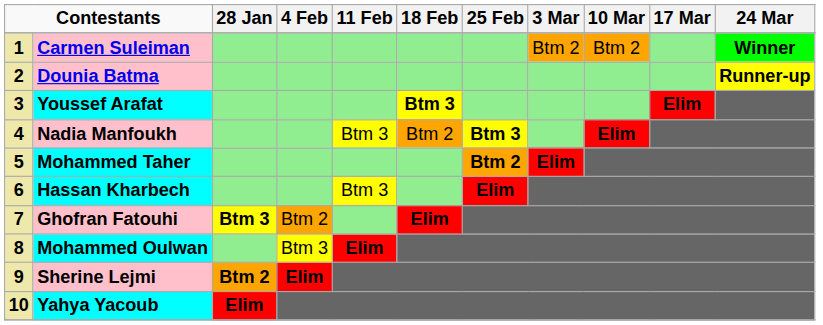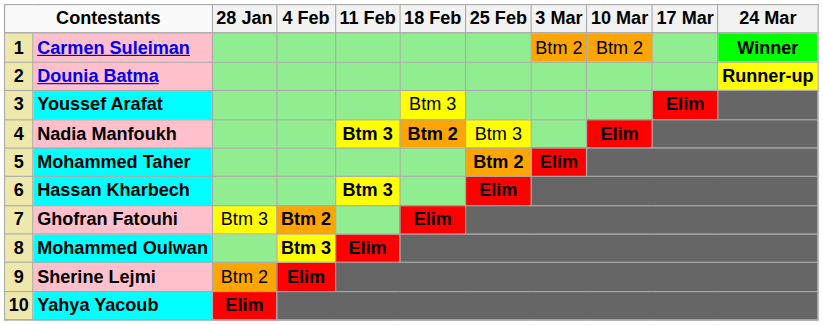 <table class="wikitable" align="center">
 <tr>
 <td colspan="2" align="center"><strong>Contestants</strong></td>
 <th>28 Jan</th>
 <th>4 Feb</th>
 <th>11 Feb</th>
 <th>18 Feb</th>
 <th>25 Feb</th>
 <th>3 Mar</th>
 <th>10 Mar</th>
 <th>17 Mar</th>
 <th>24 Mar</th>
 </tr>
 <tr>
 </tr>
 <tr>
 <td align="center" bgcolor="palegoldenrod"><strong>1</strong></td>
 <td bgcolor="pink"><strong><a href='#'>Carmen Suleiman</a></strong></td>
 <td style="background: lightgreen"></td>
 <td style="background: lightgreen"></td>
 <td style="background: lightgreen"></td>
 <td style="background: lightgreen"></td>
 <td style="background: lightgreen"></td>
 <td style="background: orange" align="center">Btm 2</td>
 <td style="background: orange" align="center">Btm 2</td>
 <td style="background: lightgreen"></td>
 <td style="background: lime" align="center"><strong>Winner</strong></td>
 </tr>
 <tr>
 <td align="center" bgcolor="palegoldenrod"><strong>2</strong></td>
 <td bgcolor="pink"><strong><a href='#'>Dounia Batma</a></strong></td>
 <td style="background: lightgreen"></td>
 <td style="background: lightgreen"></td>
 <td style="background: lightgreen"></td>
 <td style="background: lightgreen"></td>
 <td style="background: lightgreen"></td>
 <td style="background: lightgreen"></td>
 <td style="background: lightgreen"></td>
 <td style="background: lightgreen"></td>
 <td style="background: yellow"   align="center"><strong>Runner-up</strong></td>
 </tr>
 <tr>
 <td align="center" bgcolor="palegoldenrod"><strong>3</strong></td>
 <td bgcolor="cyan"><strong>Youssef Arafat</strong></td>
 <td style="background: lightgreen"></td>
 <td style="background: lightgreen"></td>
 <td style="background: lightgreen"></td>
-<td style="background: yellow" align="center"><strong>Btm 3</strong></td>
+<td style="background: yellow" align="center">Btm 3</td>
 <td style="background: lightgreen"></td>
 <td style="background: lightgreen"></td>
 <td style="background: lightgreen"></td>
 <td style="background: red" align="center"><strong>Elim</strong></td>
 <td colspan="2" bgcolor="666666"></td>
 </tr>
 <tr>
 <td align="center" bgcolor="palegoldenrod"><strong>4</strong></td>
 <td bgcolor="pink"><strong>Nadia Manfoukh</strong></td>
 <td style="background: lightgreen"></td>
 <td style="background: lightgreen"></td>
+<td style="background: yellow" align="center"><strong>Btm 3</strong></td>
+<td style="background: orange" align="center"><strong>Btm 2</strong></td>
 <td style="background: yellow" align="center">Btm 3</td>
-<td style="background: orange" align="center">Btm 2</td>
-<td style="background: yellow" align="center"><strong>Btm 3</strong></td>
 <td style="background: lightgreen"></td>
 <td style="background: red" align="center"><strong>Elim</strong></td>
 <td colspan="2" bgcolor="666666"></td>
 </tr>
 <tr>
 <td align="center" bgcolor="palegoldenrod"><strong>5</strong></td>
 <td bgcolor="cyan"><strong>Mohammed Taher</strong></td>
 <td style="background: lightgreen"></td>
 <td style="background: lightgreen"></td>
 <td style="background: lightgreen"></td>
 <td style="background: lightgreen"></td>
 <td style="background: orange" align="center"><strong>Btm 2</strong></td>
 <td style="background: red" align="center"><strong>Elim</strong></td>
 <td colspan="3" bgcolor="666666"></td>
 </tr>
 <tr>
 <td align="center" bgcolor="palegoldenrod"><strong>6</strong></td>
 <td bgcolor="cyan"><strong>Hassan Kharbech</strong></td>
 <td style="background: lightgreen"></td>
 <td style="background: lightgreen"></td>
-<td style="background: yellow" align="center">Btm 3</td>
+<td style="background: yellow" align="center"><strong>Btm 3</strong></td>
 <td style="background: lightgreen"></td>
 <td style="background: red" align="center"><strong>Elim</strong></td>
 <td colspan="4" bgcolor="666666"></td>
 </tr>
 <tr>
 <td align="center" bgcolor="palegoldenrod"><strong>7</strong></td>
 <td bgcolor="pink"><strong>Ghofran Fatouhi</strong></td>
-<td style="background: yellow" align="center"><strong>Btm 3</strong></td>
-<td style="background: orange" align="center">Btm 2</td>
+<td style="background: yellow" align="center">Btm 3</td>
+<td style="background: orange" align="center"><strong>Btm 2</strong></td>
 <td style="background: lightgreen"></td>
 <td style="background: red" align="center"><strong>Elim</strong></td>
 <td colspan="5" bgcolor="666666"></td>
 </tr>
 <tr>
 <td align="center" bgcolor="palegoldenrod"><strong>8</strong></td>
 <td bgcolor="cyan"><strong>Mohammed Oulwan</strong></td>
 <td style="background: lightgreen"></td>
-<td style="background: yellow" align="center">Btm 3</td>
+<td style="background: yellow" align="center"><strong>Btm 3</strong></td>
 <td style="background: red" align="center"><strong>Elim</strong></td>
 <td colspan="6" bgcolor="666666"></td>
 </tr>
 <tr>
 <td align="center" bgcolor="palegoldenrod"><strong>9</strong></td>
 <td bgcolor="pink"><strong>Sherine Lejmi</strong></td>
-<td style="background: orange" align="center"><strong>Btm 2</strong></td>
+<td style="background: orange" align="center">Btm 2</td>
 <td style="background: red" align="center"><strong>Elim</strong></td>
 <td colspan="7" bgcolor="666666"></td>
 </tr>
 <tr>
 <td align="center" bgcolor="palegoldenrod"><strong>10</strong></td>
 <td bgcolor="cyan"><strong>Yahya Yacoub</strong></td>
 <td style="background: red" align="center"><strong>Elim</strong></td>
 <td colspan="8" bgcolor="666666"></td>
 </tr>
 <tr>
 </tr>
 </table>
